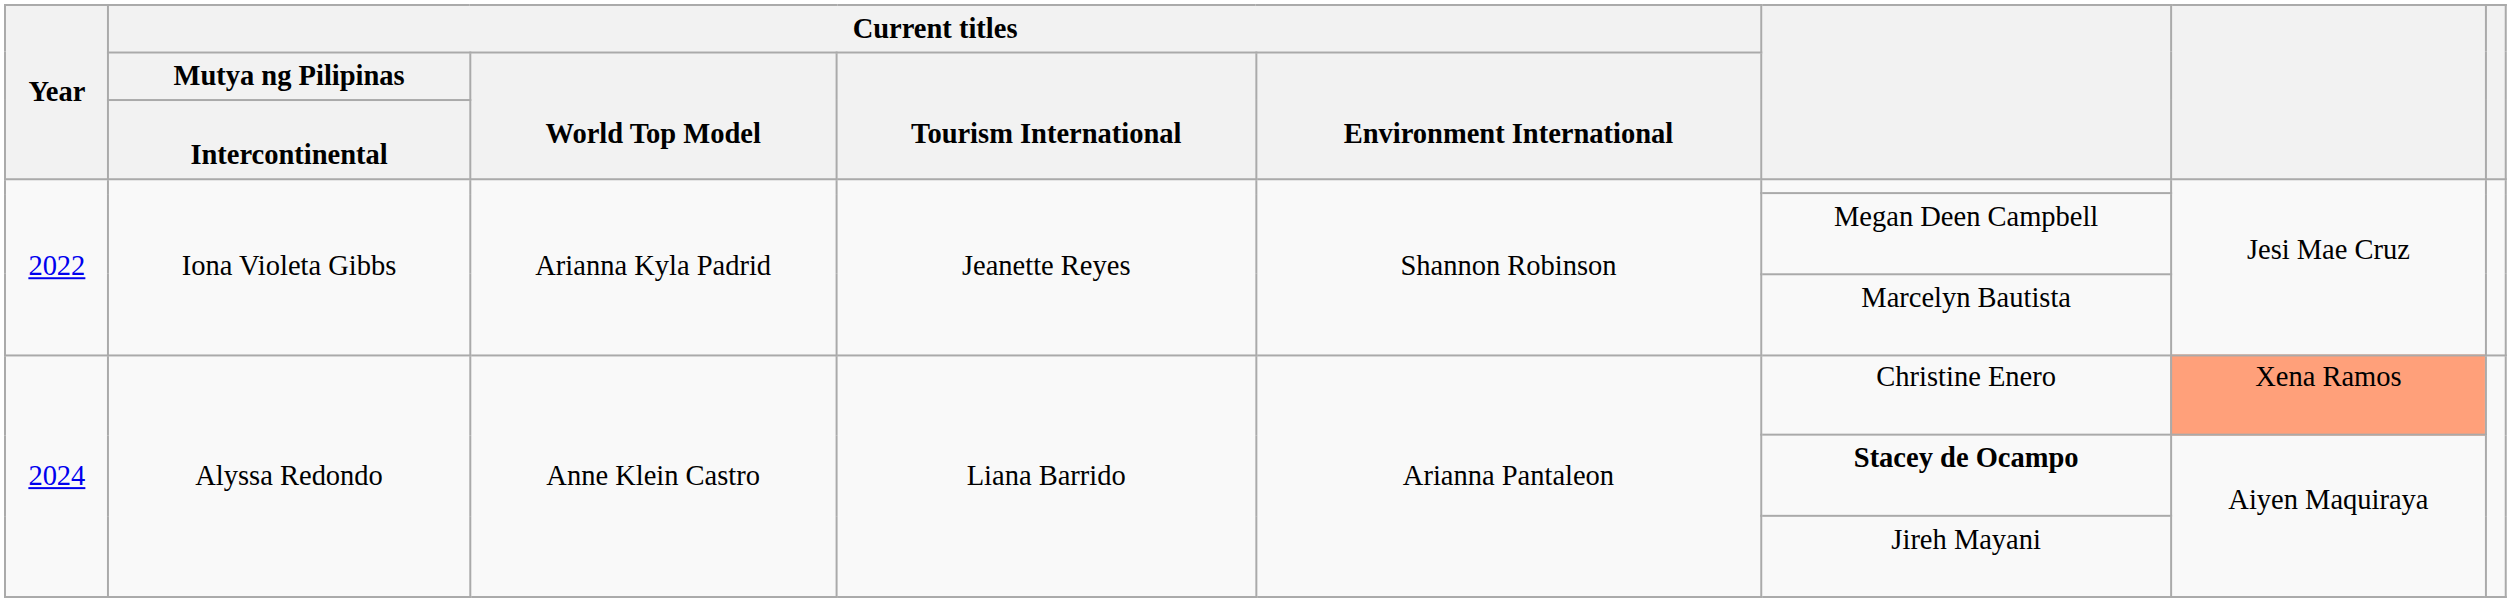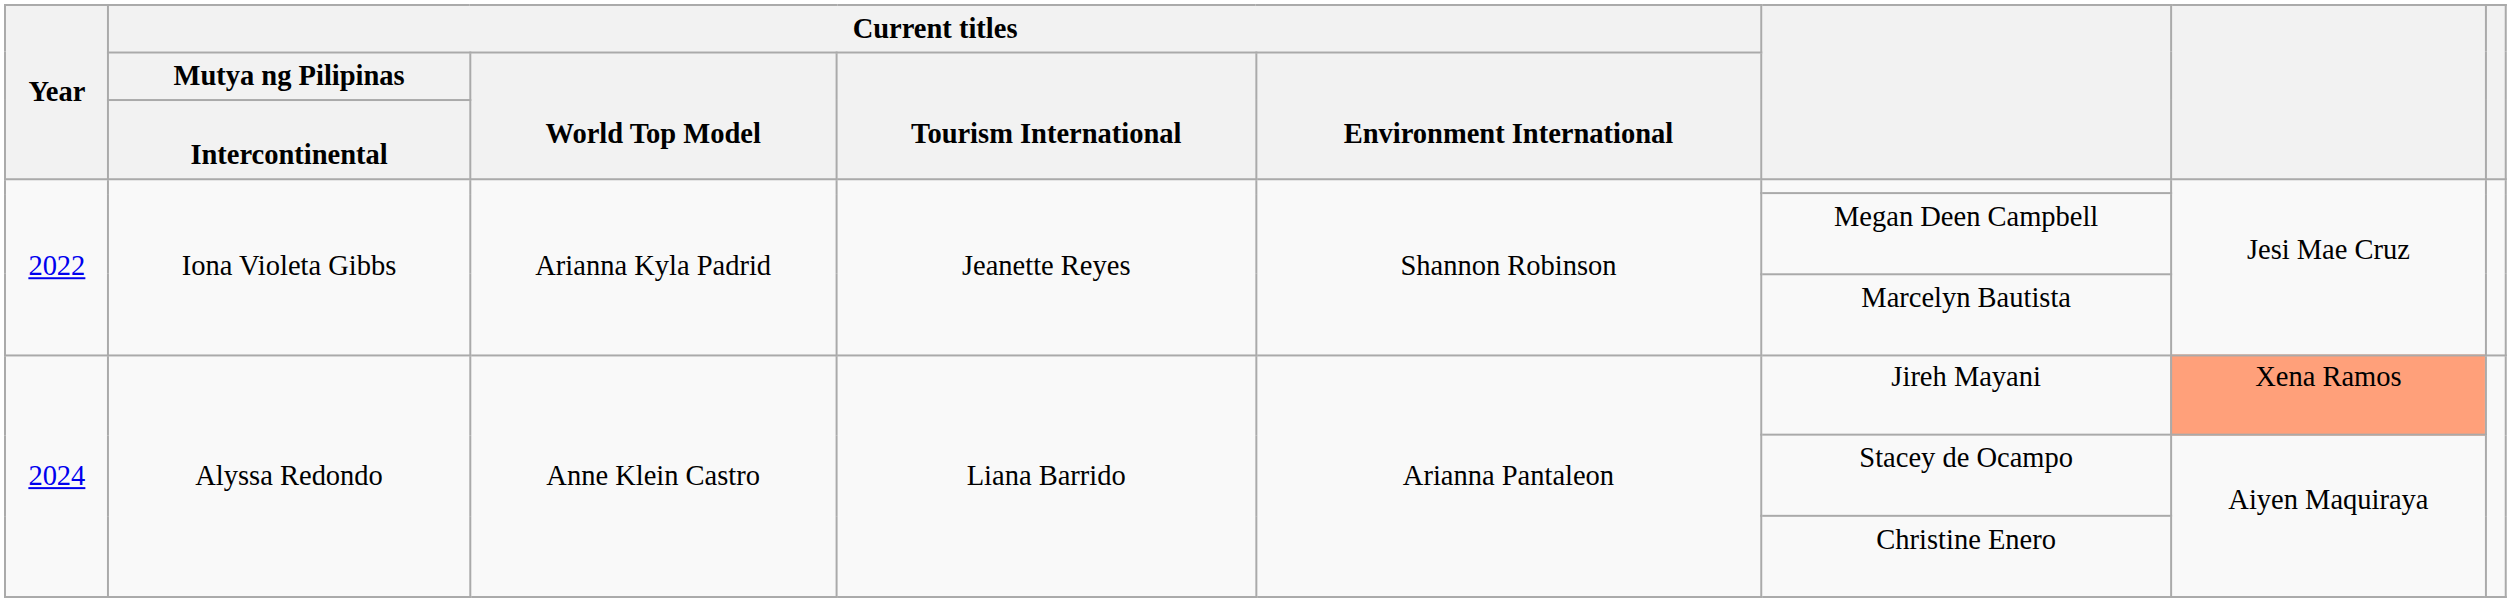 <table class="wikitable" style="text-align:center; font-size:90%; line-height:17px; width:100%;">
 <tr>
 <th rowspan="3">Year</th>
 <th colspan="4">Current titles</th>
 <th rowspan=3></th>
 <th rowspan="3"></th>
 <th rowspan="3"></th>
 </tr>
 <tr>
 <th>Mutya ng Pilipinas</th>
 <th rowspan="2"><br>World Top Model</th>
 <th rowspan="2"><br>Tourism International</th>
 <th rowspan="2"><br>Environment International</th>
 </tr>
 <tr>
 <th><br>Intercontinental</th>
 </tr>
 <tr>
 <td rowspan=3><a href='#'>2022</a></td>
 <td rowspan=3>Iona Violeta Gibbs<br></td>
 <td rowspan=3>Arianna Kyla Padrid<br></td>
 <td rowspan=3>Jeanette Reyes<br></td>
 <td rowspan=3>Shannon Robinson<br></td>
 <td></td>
 <td rowspan=3>Jesi Mae Cruz<br><br></td>
 <td rowspan=3></td>
 </tr>
 <tr>
 <td>Megan Deen Campbell<br><br></td>
 </tr>
 <tr>
 <td>Marcelyn Bautista<br><br></td>
 </tr>
 <tr>
 <td rowspan=3><a href='#'>2024</a></td>
 <td rowspan=3>Alyssa Redondo<br></td>
 <td rowspan=3>Anne Klein Castro<br></td>
 <td rowspan=3>Liana Barrido<br></td>
 <td rowspan=3>Arianna Pantaleon<br></td>
-<td>Christine Enero<br><br></td>
+<td>Jireh Mayani<br><br></td>
 <td rowspan=1 style="background: lightsalmon;">Xena Ramos<br><br></td>
 <td rowspan=3></td>
 </tr>
 <tr>
-<td><strong>Stacey de Ocampo<br><br></strong></td>
+<td>Stacey de Ocampo<br><br></td>
 <td rowspan=2>Aiyen Maquiraya<br><br></td>
 </tr>
 <tr>
-<td>Jireh Mayani<br><br></td>
+<td>Christine Enero<br><br></td>
 </tr>
 </table>
